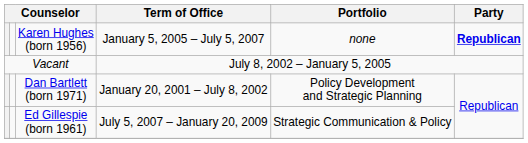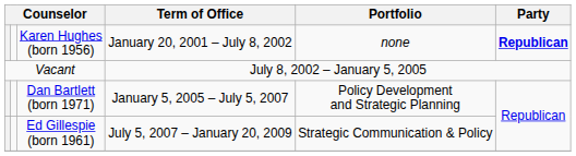 <table class="wikitable sortable" style="text-align:center">
 <tr>
 <th colspan="3">Counselor</th>
 <th>Term of Office</th>
 <th>Portfolio</th>
 <th>Party</th>
 </tr>
 <tr>
 <th style="background:"></th>
 <td></td>
 <td><a href='#'>Karen Hughes</a><br>(born 1956)</td>
-<td>January 5, 2005 – July 5, 2007</td>
+<td>January 20, 2001 – July 8, 2002</td>
 <td><em>none</em></td>
 <td><strong><a href='#'>Republican</a></strong></td>
 </tr>
 <tr>
 <td colspan=3><em>Vacant</em></td>
 <td colspan=3>July 8, 2002 – January 5, 2005</td>
 </tr>
 <tr>
 <th style="background:"></th>
 <td></td>
 <td><a href='#'>Dan Bartlett</a><br>(born 1971)</td>
-<td>January 20, 2001 – July 8, 2002</td>
+<td>January 5, 2005 – July 5, 2007</td>
 <td>Policy Development<br>and Strategic Planning</td>
 <td rowspan="2"><a href='#'>Republican</a></td>
 </tr>
 <tr>
 <th style="background:"></th>
 <td></td>
 <td><a href='#'>Ed Gillespie</a><br>(born 1961)</td>
 <td>July 5, 2007 – January 20, 2009</td>
 <td>Strategic Communication & Policy</td>
 </tr>
 <tr>
 </tr>
 </table>
